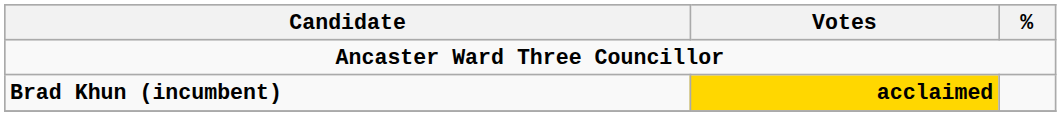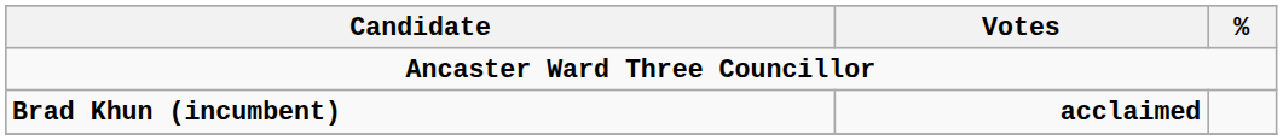 <table class="wikitable" width="40%">
 <tr>
 <th>Candidate</th>
 <th>Votes</th>
 <th>%</th>
 </tr>
 <tr>
 <td colspan="3" align="center"><strong>Ancaster Ward Three Councillor</strong></td>
 </tr>
 <tr>
 <td align="left"><strong>Brad Khun (incumbent)</strong></td>
-<td align="right" style="background: gold;"><strong>acclaimed</strong></td>
+<td align="right"><strong>acclaimed</strong></td>
 <td align="right"></td>
 </tr>
 <tr>
 </tr>
 </table>
